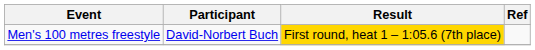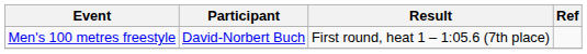 <table class="wikitable" style="font-size: 95%;">
 <tr>
 <th>Event</th>
 <th>Participant</th>
 <th>Result</th>
 <th>Ref</th>
 </tr>
 <tr>
 <td><a href='#'>Men's 100 metres freestyle</a></td>
 <td><a href='#'>David-Norbert Buch</a></td>
-<td style="background: gold;">First round, heat 1 – 1:05.6 (7th place)</td>
+<td>First round, heat 1 – 1:05.6 (7th place)</td>
 <td></td>
 </tr>
 <tr>
 </tr>
 </table>
